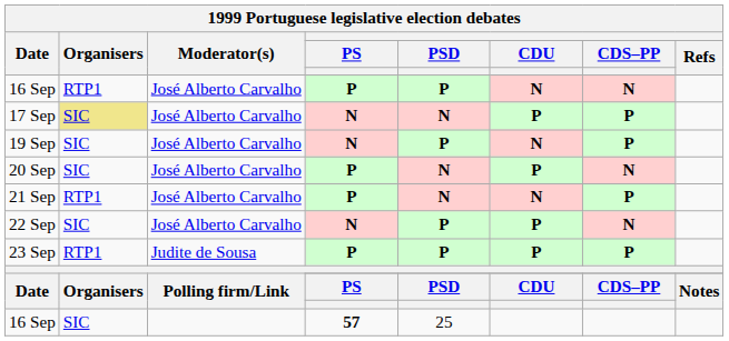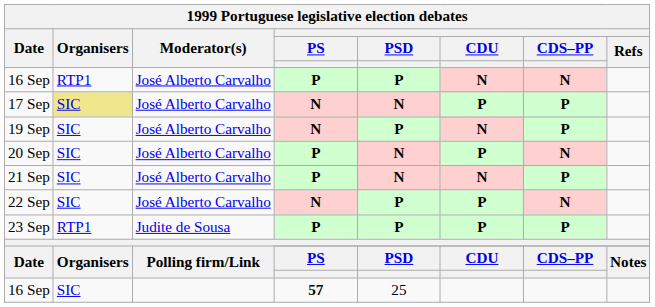 <table class="wikitable" style="font-size:98%; text-align:center;">
 <tr>
 <th colspan="20">1999 Portuguese legislative election debates</th>
 </tr>
 <tr>
 <th rowspan="3">Date</th>
 <th rowspan="3">Organisers</th>
 <th rowspan="3">Moderator(s)</th>
 <th colspan="18">      </th>
 </tr>
 <tr>
 <th scope="col" style="width:5em;"><a href='#'>PS</a><br></th>
 <th scope="col" style="width:5em;"><a href='#'>PSD</a><br></th>
 <th scope="col" style="width:5em;"><a href='#'>CDU</a><br></th>
 <th scope="col" style="width:5em;"><a href='#'>CDS–PP</a><br></th>
 <th rowspan="2">Refs</th>
 </tr>
 <tr>
 <th style="color:inherit;background:"></th>
 <th style="color:inherit;background:"></th>
 <th style="color:inherit;background:"></th>
 <th style="color:inherit;background:"></th>
 </tr>
 <tr>
 <td style="white-space:nowrap; text-align:left;">16 Sep</td>
 <td style="white-space:nowrap; text-align:left;"><a href='#'>RTP1</a></td>
 <td style="white-space:nowrap; text-align:left;"><a href='#'>José Alberto Carvalho</a></td>
 <td style="background:#D0FFD0;"><strong>P</strong></td>
 <td style="background:#D0FFD0;"><strong>P</strong></td>
 <td style="background:#FFD0D0;"><strong>N</strong></td>
 <td style="background:#FFD0D0;"><strong>N</strong></td>
 <td></td>
 </tr>
 <tr>
 <td style="white-space:nowrap; text-align:left;">17 Sep</td>
 <td style="background: khaki; white-space:nowrap; text-align:left;"><a href='#'>SIC</a></td>
 <td style="white-space:nowrap; text-align:left;"><a href='#'>José Alberto Carvalho</a></td>
 <td style="background:#FFD0D0;"><strong>N</strong></td>
 <td style="background:#FFD0D0;"><strong>N</strong></td>
 <td style="background:#D0FFD0;"><strong>P</strong></td>
 <td style="background:#D0FFD0;"><strong>P</strong></td>
 <td></td>
 </tr>
 <tr>
 <td style="white-space:nowrap; text-align:left;">19 Sep</td>
 <td style="white-space:nowrap; text-align:left;"><a href='#'>SIC</a></td>
 <td style="white-space:nowrap; text-align:left;"><a href='#'>José Alberto Carvalho</a></td>
 <td style="background:#FFD0D0;"><strong>N</strong></td>
 <td style="background:#D0FFD0;"><strong>P</strong></td>
 <td style="background:#FFD0D0;"><strong>N</strong></td>
 <td style="background:#D0FFD0;"><strong>P</strong></td>
 <td></td>
 </tr>
 <tr>
 <td style="white-space:nowrap; text-align:left;">20 Sep</td>
 <td style="white-space:nowrap; text-align:left;"><a href='#'>SIC</a></td>
 <td style="white-space:nowrap; text-align:left;"><a href='#'>José Alberto Carvalho</a></td>
 <td style="background:#D0FFD0;"><strong>P</strong></td>
 <td style="background:#FFD0D0;"><strong>N</strong></td>
 <td style="background:#D0FFD0;"><strong>P</strong></td>
 <td style="background:#FFD0D0;"><strong>N</strong></td>
 <td></td>
 </tr>
 <tr>
 <td style="white-space:nowrap; text-align:left;">21 Sep</td>
-<td style="white-space:nowrap; text-align:left;"><a href='#'>RTP1</a></td>
+<td style="white-space:nowrap; text-align:left;"><a href='#'>SIC</a></td>
 <td style="white-space:nowrap; text-align:left;"><a href='#'>José Alberto Carvalho</a></td>
 <td style="background:#D0FFD0;"><strong>P</strong></td>
 <td style="background:#FFD0D0;"><strong>N</strong></td>
 <td style="background:#FFD0D0;"><strong>N</strong></td>
 <td style="background:#D0FFD0;"><strong>P</strong></td>
 <td></td>
 </tr>
 <tr>
 <td style="white-space:nowrap; text-align:left;">22 Sep</td>
 <td style="white-space:nowrap; text-align:left;"><a href='#'>SIC</a></td>
 <td style="white-space:nowrap; text-align:left;"><a href='#'>José Alberto Carvalho</a></td>
 <td style="background:#FFD0D0;"><strong>N</strong></td>
 <td style="background:#D0FFD0;"><strong>P</strong></td>
 <td style="background:#D0FFD0;"><strong>P</strong></td>
 <td style="background:#FFD0D0;"><strong>N</strong></td>
 <td></td>
 </tr>
 <tr>
 <td style="white-space:nowrap; text-align:left;">23 Sep</td>
 <td style="white-space:nowrap; text-align:left;"><a href='#'>RTP1</a></td>
 <td style="white-space:nowrap; text-align:left;"><a href='#'>Judite de Sousa</a></td>
 <td style="background:#D0FFD0;"><strong>P</strong></td>
 <td style="background:#D0FFD0;"><strong>P</strong></td>
 <td style="background:#D0FFD0;"><strong>P</strong></td>
 <td style="background:#D0FFD0;"><strong>P</strong></td>
 <td></td>
 </tr>
 <tr>
 <th colspan="10"></th>
 </tr>
 <tr>
 <th rowspan="3">Date</th>
 <th rowspan="3">Organisers</th>
 <th rowspan="3">Polling firm/Link</th>
 </tr>
 <tr>
 <th scope="col" style="width:5em;"><a href='#'>PS</a></th>
 <th scope="col" style="width:5em;"><a href='#'>PSD</a></th>
 <th scope="col" style="width:5em;"><a href='#'>CDU</a></th>
 <th scope="col" style="width:5em;"><a href='#'>CDS–PP</a></th>
 <th rowspan="2">Notes</th>
 </tr>
 <tr>
 <th style="color:inherit;background:"></th>
 <th style="color:inherit;background:"></th>
 <th style="color:inherit;background:"></th>
 <th style="color:inherit;background:"></th>
 </tr>
 <tr>
 <td style="white-space:nowrap; text-align:left;">16 Sep</td>
 <td style="white-space:nowrap; text-align:left;"><a href='#'>SIC</a></td>
 <td></td>
 <td><strong>57</strong></td>
 <td>25</td>
 <td></td>
 <td></td>
 <td></td>
 </tr>
 </table>
